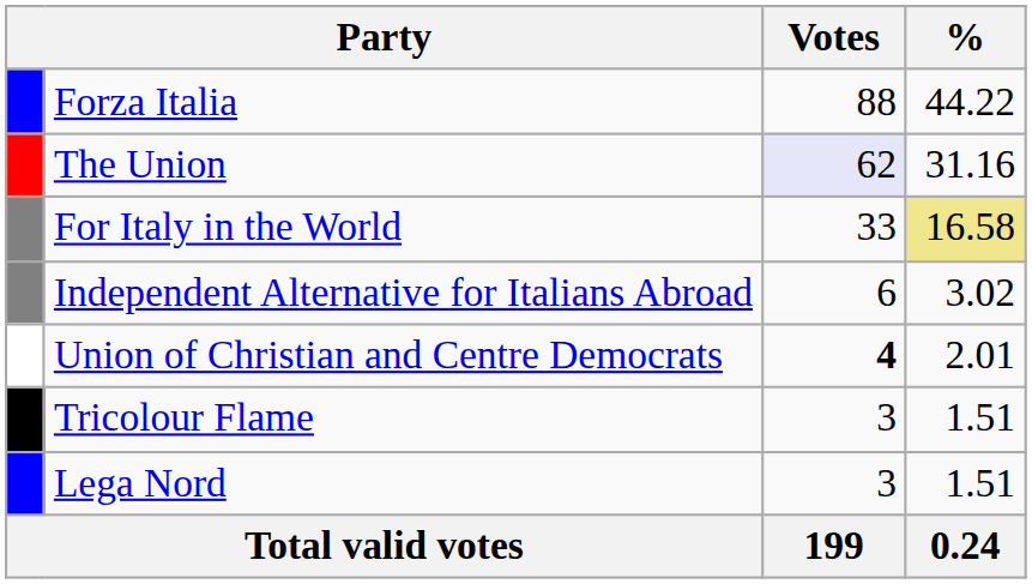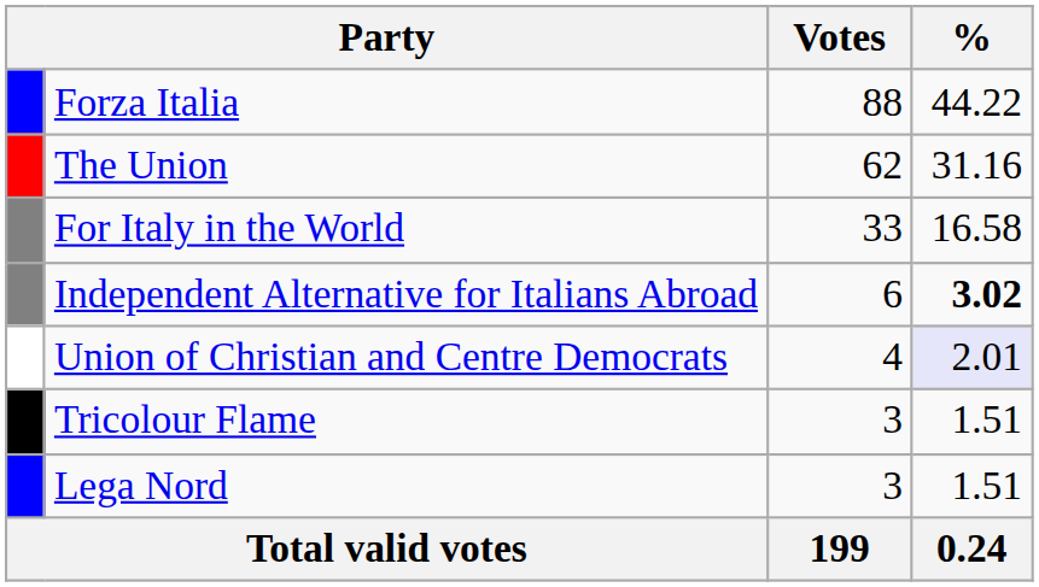 <table class="wikitable">
 <tr>
 <th colspan="2" style="width: 130px">Party</th>
 <th style="width: 50px">Votes</th>
 <th style="width: 40px">%</th>
 </tr>
 <tr>
 <td style="background-color:blue">  </td>
 <td style="text-align: left"><a href='#'>Forza Italia</a></td>
 <td style="text-align: right">88</td>
 <td style="text-align: right">44.22</td>
 </tr>
 <tr>
 <td style="background-color:red">  </td>
 <td style="text-align: left"><a href='#'>The Union</a></td>
-<td style="background: lavender; text-align: right">62</td>
+<td style="text-align: right">62</td>
 <td style="text-align: right">31.16</td>
 </tr>
 <tr>
 <td style="background-color:grey">  </td>
 <td style="text-align: left"><a href='#'>For Italy in the World</a></td>
 <td align="right">33</td>
-<td align="right" style="background: khaki;">16.58</td>
+<td align="right">16.58</td>
 </tr>
 <tr>
 <td style="background-color:grey">  </td>
 <td style="text-align: left"><a href='#'>Independent Alternative for Italians Abroad</a></td>
 <td align="right">6</td>
-<td align="right">3.02</td>
+<td align="right"><strong>3.02</strong></td>
 </tr>
 <tr>
 <td style="background-color:white">  </td>
 <td style="text-align: left"><a href='#'>Union of Christian and Centre Democrats</a></td>
-<td align="right"><strong>4</strong></td>
-<td align="right">2.01</td>
+<td align="right">4</td>
+<td align="right" style="background: lavender;">2.01</td>
 </tr>
 <tr>
 <td style="background-color:black">  </td>
 <td style="text-align: left"><a href='#'>Tricolour Flame</a></td>
 <td align="right">3</td>
 <td align="right">1.51</td>
 </tr>
 <tr>
 <td style="background-color:blue">  </td>
 <td style="text-align: left"><a href='#'>Lega Nord</a></td>
 <td align="right">3</td>
 <td align="right">1.51</td>
 </tr>
 <tr bgcolor="white">
 <th align="right" colspan=2>Total valid votes</th>
 <th align="right">199</th>
 <th align="right">0.24</th>
 </tr>
 </table>
